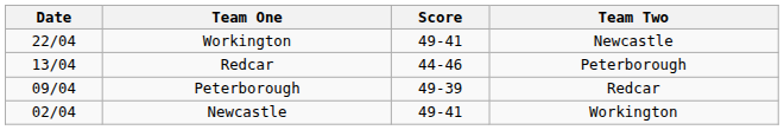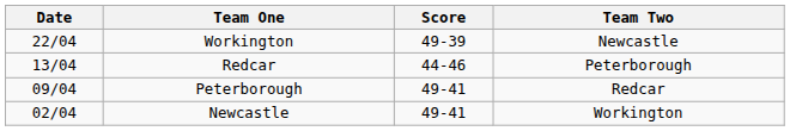 <table class="wikitable" style="text-align: center">
 <tr>
 <th width=80>Date</th>
 <th width=250>Team One</th>
 <th width=80>Score</th>
 <th width=250>Team Two</th>
 </tr>
 <tr>
 <td>22/04</td>
 <td>Workington</td>
-<td>49-41</td>
+<td>49-39</td>
 <td>Newcastle</td>
 </tr>
 <tr>
 <td>13/04</td>
 <td>Redcar</td>
 <td>44-46</td>
 <td>Peterborough</td>
 </tr>
 <tr>
 <td>09/04</td>
 <td>Peterborough</td>
-<td>49-39</td>
+<td>49-41</td>
 <td>Redcar</td>
 </tr>
 <tr>
 <td>02/04</td>
 <td>Newcastle</td>
 <td>49-41</td>
 <td>Workington</td>
 </tr>
 </table>
